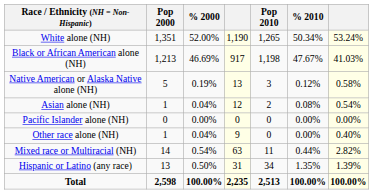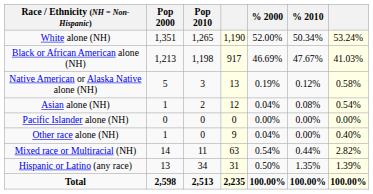 <table class="wikitable" style="text-align:center;">
 <tr>
 <th>Race / Ethnicity <small>(<em>NH = Non-Hispanic</em>)</small></th>
 <th>Pop 2000</th>
+<th>Pop 2010</th>
+<th></th>
 <th>% 2000</th>
-<th></th>
-<th>Pop 2010</th>
 <th>% 2010</th>
 <th></th>
 </tr>
 <tr>
 <td><a href='#'>White</a> alone (NH)</td>
 <td>1,351</td>
+<td>1,265</td>
+<td style='background: #ffffe6;'>1,190</td>
 <td>52.00%</td>
-<td style='background: #ffffe6;'>1,190</td>
-<td>1,265</td>
 <td>50.34%</td>
 <td style='background: #ffffe6;'>53.24%</td>
 </tr>
 <tr>
 <td><a href='#'>Black or African American</a> alone (NH)</td>
 <td>1,213</td>
+<td>1,198</td>
+<td style='background: #ffffe6;'>917</td>
 <td>46.69%</td>
-<td style='background: #ffffe6;'>917</td>
-<td>1,198</td>
 <td>47.67%</td>
 <td style='background: #ffffe6;'>41.03%</td>
 </tr>
 <tr>
 <td><a href='#'>Native American</a> or <a href='#'>Alaska Native</a> alone (NH)</td>
 <td>5</td>
+<td>3</td>
+<td style='background: #ffffe6;'>13</td>
 <td>0.19%</td>
-<td style='background: #ffffe6;'>13</td>
-<td>3</td>
 <td>0.12%</td>
 <td style='background: #ffffe6;'>0.58%</td>
 </tr>
 <tr>
 <td><a href='#'>Asian</a> alone (NH)</td>
 <td>1</td>
+<td>2</td>
+<td style='background: #ffffe6;'>12</td>
 <td>0.04%</td>
-<td style='background: #ffffe6;'>12</td>
-<td>2</td>
 <td>0.08%</td>
 <td style='background: #ffffe6;'>0.54%</td>
 </tr>
 <tr>
 <td><a href='#'>Pacific Islander</a> alone (NH)</td>
 <td>0</td>
+<td>0</td>
+<td style='background: #ffffe6;'>0</td>
 <td>0.00%</td>
-<td style='background: #ffffe6;'>0</td>
-<td>0</td>
 <td>0.00%</td>
 <td style='background: #ffffe6;'>0.00%</td>
 </tr>
 <tr>
 <td><a href='#'>Other race</a> alone (NH)</td>
 <td>1</td>
+<td>0</td>
+<td style='background: #ffffe6;'>9</td>
 <td>0.04%</td>
-<td style='background: #ffffe6;'>9</td>
-<td>0</td>
 <td>0.00%</td>
 <td style='background: #ffffe6;'>0.40%</td>
 </tr>
 <tr>
 <td><a href='#'>Mixed race or Multiracial</a> (NH)</td>
 <td>14</td>
+<td>11</td>
+<td style='background: #ffffe6;'>63</td>
 <td>0.54%</td>
-<td style='background: #ffffe6;'>63</td>
-<td>11</td>
 <td>0.44%</td>
 <td style='background: #ffffe6;'>2.82%</td>
 </tr>
 <tr>
 <td><a href='#'>Hispanic or Latino</a> (any race)</td>
 <td>13</td>
+<td>34</td>
+<td style='background: #ffffe6;'>31</td>
 <td>0.50%</td>
-<td style='background: #ffffe6;'>31</td>
-<td>34</td>
 <td>1.35%</td>
 <td style='background: #ffffe6;'>1.39%</td>
 </tr>
 <tr>
 <td><strong>Total</strong></td>
 <td><strong>2,598</strong></td>
+<td><strong>2,513</strong></td>
+<td style='background: #ffffe6;'><strong>2,235</strong></td>
 <td><strong>100.00%</strong></td>
-<td style='background: #ffffe6;'><strong>2,235</strong></td>
-<td><strong>2,513</strong></td>
 <td><strong>100.00%</strong></td>
 <td style='background: #ffffe6;'><strong>100.00%</strong></td>
 </tr>
 </table>
